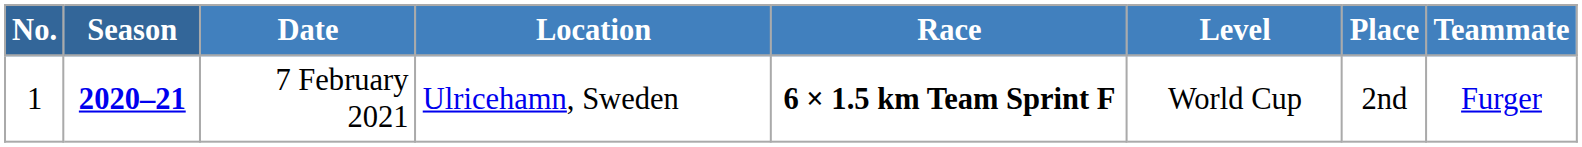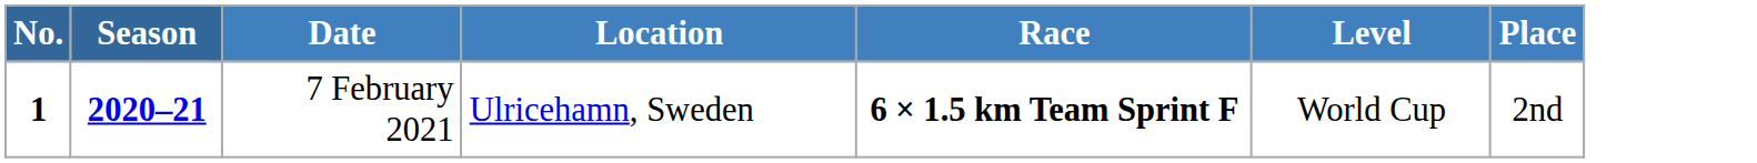 <table class="wikitable sortable" style="font-size:95%; text-align:center; border:grey solid 1px; border-collapse:collapse; background:#ffffff;">
 <tr style="background:#efefef;">
 <th style="background-color:#369; color:white;">No.</th>
 <th style="background-color:#369; color:white;">Season</th>
 <th style="background-color:#4180be; color:white; width:100px;">Date</th>
 <th style="background-color:#4180be; color:white; width:170px;">Location</th>
 <th style="background-color:#4180be; color:white; width:170px;">Race</th>
 <th style="background-color:#4180be; color:white; width:100px;">Level</th>
 <th style="background-color:#4180be; color:white;">Place</th>
-<th style="background-color:#4180be; color:white;">Teammate</th>
 </tr>
 <tr>
-<td align=center>1</td>
+<td align=center><strong>1</strong></td>
 <td rowspan=1 align=center><strong> <a href='#'>2020–21</a> </strong></td>
 <td align=right>7 February 2021</td>
 <td align=left> <a href='#'>Ulricehamn</a>, Sweden</td>
 <td><strong>6 × 1.5 km Team Sprint F</strong></td>
 <td>World Cup</td>
 <td>2nd</td>
-<td><a href='#'>Furger</a></td>
 </tr>
 </table>
